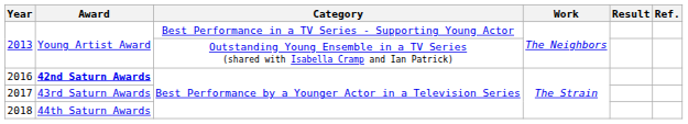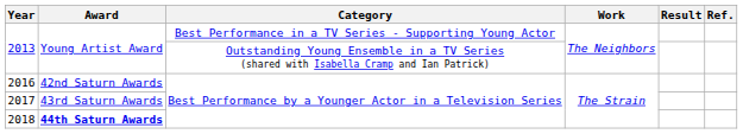 <table class="wikitable" rowspan="6;" style="text-align:center; background:#fff;">
 <tr>
 <th>Year</th>
 <th>Award</th>
 <th>Category</th>
 <th>Work</th>
 <th>Result</th>
 <th>Ref.</th>
 </tr>
 <tr>
 <td rowspan=2><a href='#'>2013</a></td>
 <td rowspan=2><a href='#'>Young Artist Award</a></td>
 <td><a href='#'>Best Performance in a TV Series - Supporting Young Actor</a></td>
 <td rowspan=2><em><a href='#'>The Neighbors</a></em></td>
 <td></td>
 <td></td>
 </tr>
 <tr>
 <td><a href='#'>Outstanding Young Ensemble in a TV Series</a><br><small>(shared with <a href='#'>Isabella Cramp</a> and Ian Patrick)</small></td>
 <td></td>
 <td></td>
 </tr>
 <tr>
 <td>2016</td>
-<td><strong><a href='#'>42nd Saturn Awards</a></strong></td>
+<td><a href='#'>42nd Saturn Awards</a></td>
 <td rowspan=3><a href='#'>Best Performance by a Younger Actor in a Television Series</a></td>
 <td rowspan=3><em><a href='#'>The Strain</a></em></td>
 <td></td>
 <td></td>
 </tr>
 <tr>
 <td>2017</td>
 <td><a href='#'>43rd Saturn Awards</a></td>
 <td></td>
 <td></td>
 </tr>
 <tr>
 <td>2018</td>
-<td><a href='#'>44th Saturn Awards</a></td>
+<td><strong><a href='#'>44th Saturn Awards</a></strong></td>
 <td></td>
 <td></td>
 </tr>
 </table>
